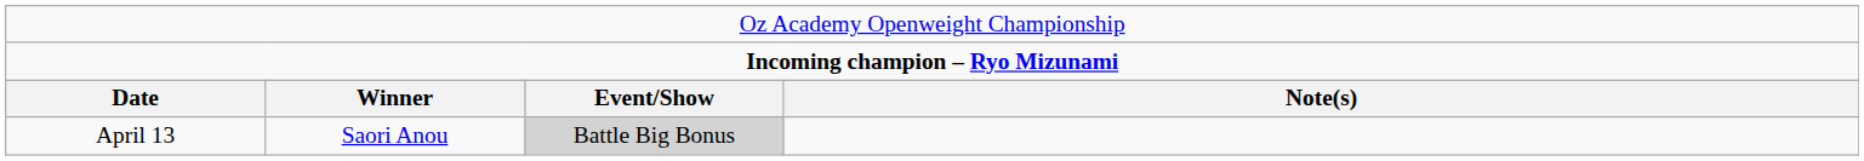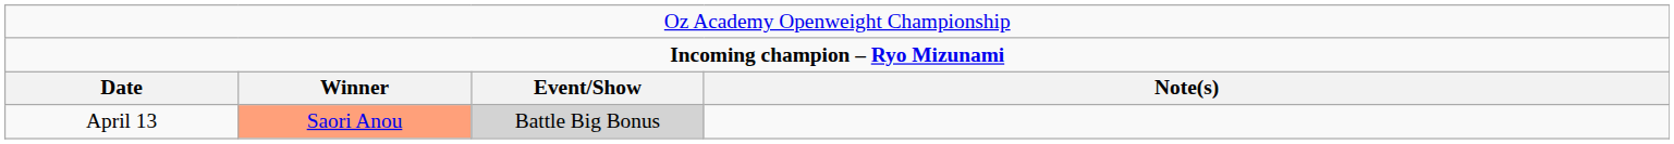 <table class="wikitable" style="text-align:center; width:100%;">
 <tr>
 <td colspan="4" style="text-align: center;"><a href='#'>Oz Academy Openweight Championship</a></td>
 </tr>
 <tr>
 <td colspan="4" style="text-align: center;"><strong>Incoming champion – <a href='#'>Ryo Mizunami</a></strong></td>
 </tr>
 <tr>
 <th width=14%>Date</th>
 <th width=14%>Winner</th>
 <th width=14%>Event/Show</th>
 <th width=58%>Note(s)</th>
 </tr>
 <tr>
 <td>April 13</td>
-<td><a href='#'>Saori Anou</a></td>
+<td style="background: lightsalmon;"><a href='#'>Saori Anou</a></td>
 <td style="background: lightgrey;">Battle Big Bonus</td>
 <td></td>
 </tr>
 </table>
